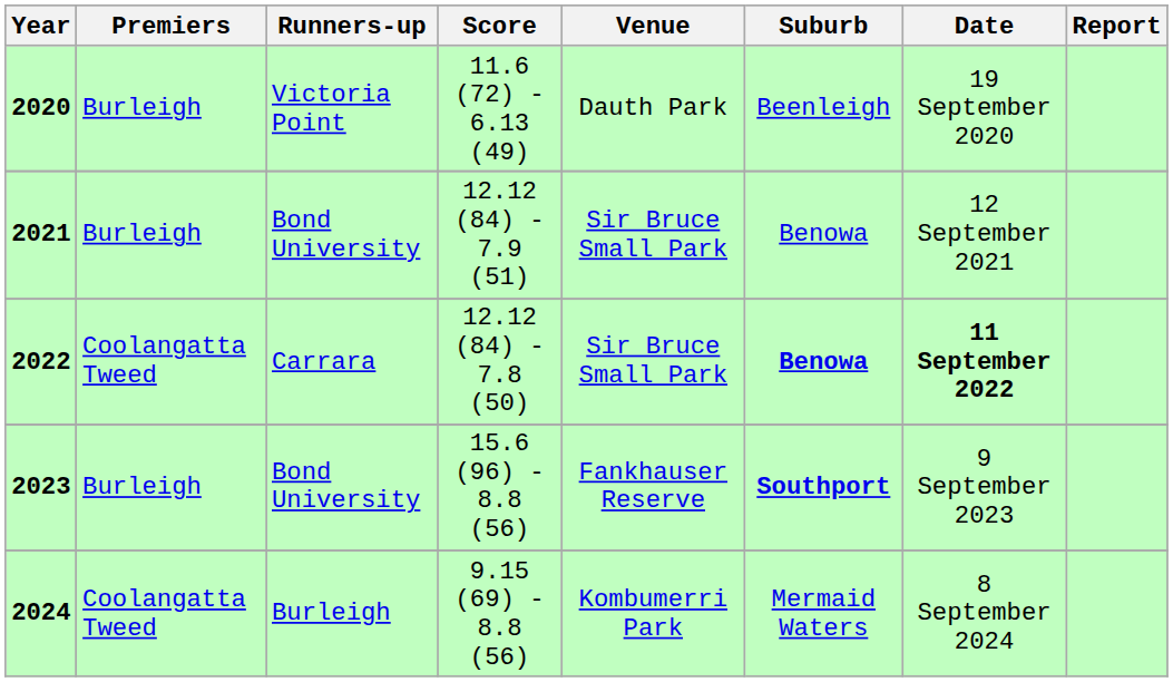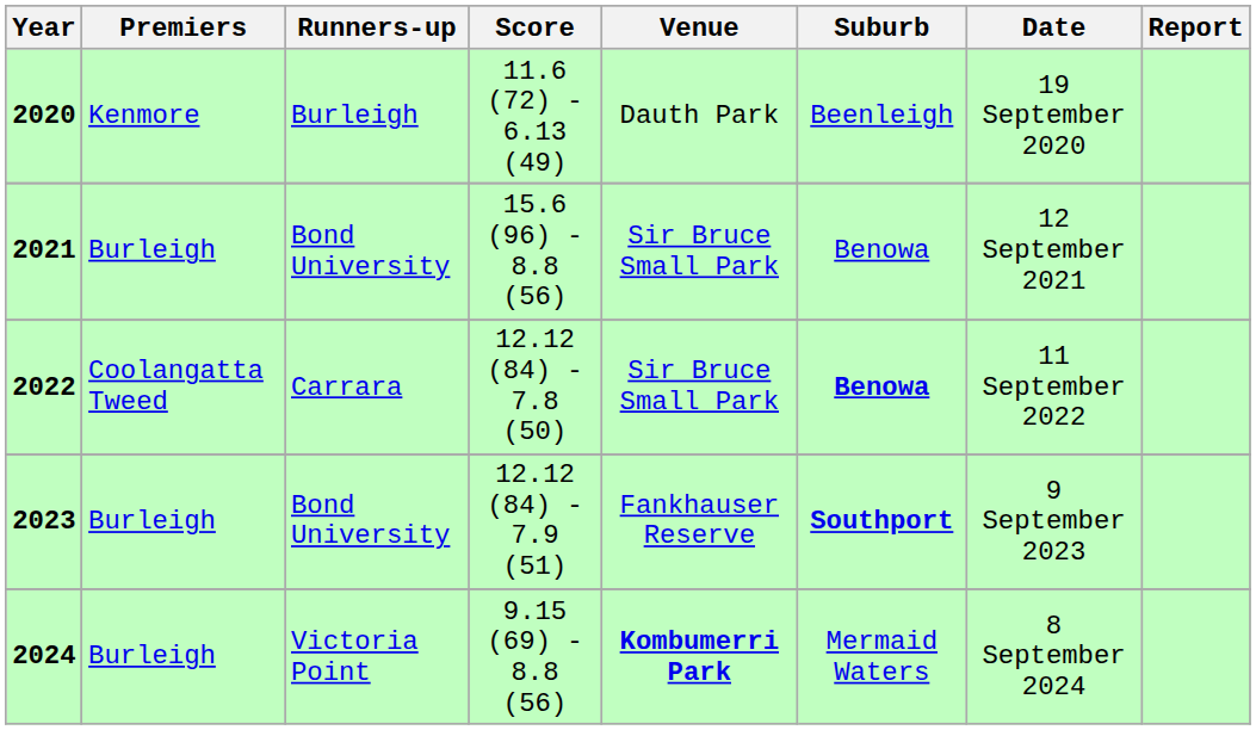 <table class="wikitable sortable" style="text-align:left; text-valign:center">
 <tr>
 <th width=3%>Year</th>
 <th>Premiers</th>
 <th>Runners-up</th>
 <th>Score</th>
 <th>Venue</th>
 <th>Suburb</th>
 <th class=unsortable>Date</th>
 <th class=unsortable>Report</th>
 </tr>
 <tr style="background:#C0FFC0;">
 <td align=center><strong>2020</strong></td>
+<td><a href='#'>Kenmore</a></td>
 <td><a href='#'>Burleigh</a></td>
-<td><a href='#'>Victoria Point</a></td>
 <td align=center>11.6 (72) - 6.13 (49)</td>
 <td align=center>Dauth Park</td>
 <td align=center><a href='#'>Beenleigh</a></td>
 <td align=center>19 September 2020</td>
 <td align=center></td>
 </tr>
 <tr>
 </tr>
 <tr style="background:#C0FFC0;">
 <td align=center><strong>2021</strong></td>
 <td><a href='#'>Burleigh</a></td>
 <td><a href='#'>Bond University</a></td>
-<td align=center>12.12 (84) - 7.9 (51)</td>
+<td align=center>15.6 (96) - 8.8 (56)</td>
 <td align=center><a href='#'>Sir Bruce Small Park</a></td>
 <td align=center><a href='#'>Benowa</a></td>
 <td align=center>12 September 2021</td>
 <td align=center></td>
 </tr>
 <tr>
 </tr>
 <tr style="background:#C0FFC0;">
 <td align=center><strong>2022</strong></td>
 <td><a href='#'>Coolangatta Tweed</a></td>
 <td><a href='#'>Carrara</a></td>
 <td align=center>12.12 (84) - 7.8 (50)</td>
 <td align=center><a href='#'>Sir Bruce Small Park</a></td>
 <td align=center><strong><a href='#'>Benowa</a></strong></td>
-<td align=center><strong>11 September 2022</strong></td>
+<td align=center>11 September 2022</td>
 <td align=center></td>
 </tr>
 <tr>
 </tr>
 <tr style="background:#C0FFC0;">
 <td align=center><strong>2023</strong></td>
 <td><a href='#'>Burleigh</a></td>
 <td><a href='#'>Bond University</a></td>
-<td align=center>15.6 (96) - 8.8 (56)</td>
+<td align=center>12.12 (84) - 7.9 (51)</td>
 <td align=center><a href='#'>Fankhauser Reserve</a></td>
 <td align=center><strong><a href='#'>Southport</a></strong></td>
 <td align=center>9 September 2023</td>
 <td align=center></td>
 </tr>
 <tr>
 </tr>
 <tr style="background:#C0FFC0;">
 <td align=center><strong>2024</strong></td>
-<td><a href='#'>Coolangatta Tweed</a></td>
 <td><a href='#'>Burleigh</a></td>
+<td><a href='#'>Victoria Point</a></td>
 <td align=center>9.15 (69) - 8.8 (56)</td>
-<td align=center><a href='#'>Kombumerri Park</a></td>
+<td align=center><strong><a href='#'>Kombumerri Park</a></strong></td>
 <td align=center><a href='#'>Mermaid Waters</a></td>
 <td align=center>8 September 2024</td>
 <td align=center></td>
 </tr>
 </table>
